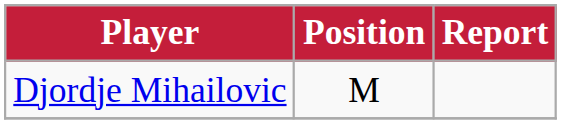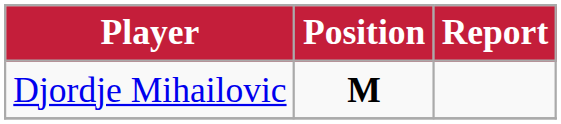 <table class=wikitable>
 <tr>
 <th style="background:#C41E3A; color:white; text-align:center;">Player</th>
 <th style="background:#C41E3A; color:white; text-align:center;">Position</th>
 <th style="background:#C41E3A; color:white; text-align:center;">Report</th>
 </tr>
 <tr>
 <td> <a href='#'>Djordje Mihailovic</a></td>
-<td style="text-align:center;">M</td>
+<td style="text-align:center;"><strong>M</strong></td>
 <td style="text-align:center;"></td>
 </tr>
 <tr>
 </tr>
 </table>
